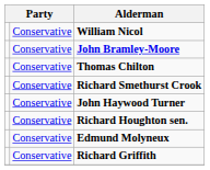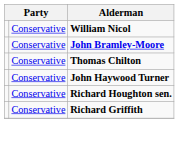 <table class="wikitable">
 <tr>
 <th colspan="2">Party</th>
 <th>Alderman</th>
 </tr>
 <tr>
 <td style="background-color:"></td>
 <td><a href='#'>Conservative</a></td>
 <td><strong>William Nicol</strong></td>
 </tr>
 <tr>
 <td style="background-color:"></td>
 <td><a href='#'>Conservative</a></td>
 <td><strong><a href='#'>John Bramley-Moore</a></strong></td>
 </tr>
 <tr>
 <td style="background-color:"></td>
 <td><a href='#'>Conservative</a></td>
 <td><strong>Thomas Chilton</strong></td>
 </tr>
 <tr>
 <td style="background-color:"></td>
 <td><a href='#'>Conservative</a></td>
-<td><strong>Richard Smethurst Crook</strong></td>
-</tr>
-<tr>
-<td style="background-color:"></td>
-<td><a href='#'>Conservative</a></td>
 <td><strong>John Haywood Turner</strong></td>
 </tr>
 <tr>
 <td style="background-color:"></td>
 <td><a href='#'>Conservative</a></td>
 <td><strong>Richard Houghton sen.</strong></td>
 </tr>
 <tr>
 <td style="background-color:"></td>
 <td><a href='#'>Conservative</a></td>
-<td><strong>Edmund Molyneux</strong></td>
-</tr>
-<tr>
-<td style="background-color:"></td>
-<td><a href='#'>Conservative</a></td>
 <td><strong>Richard Griffith</strong></td>
 </tr>
 <tr>
 </tr>
 </table>
